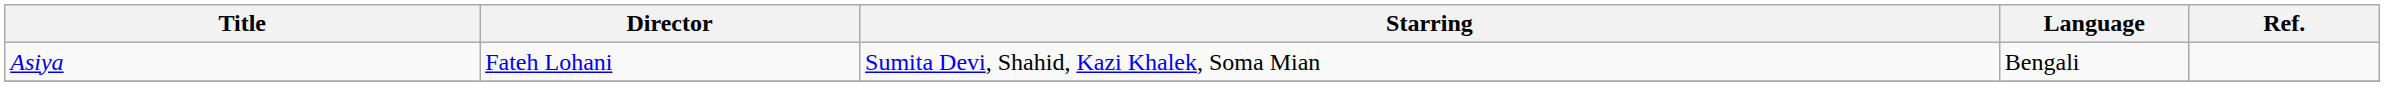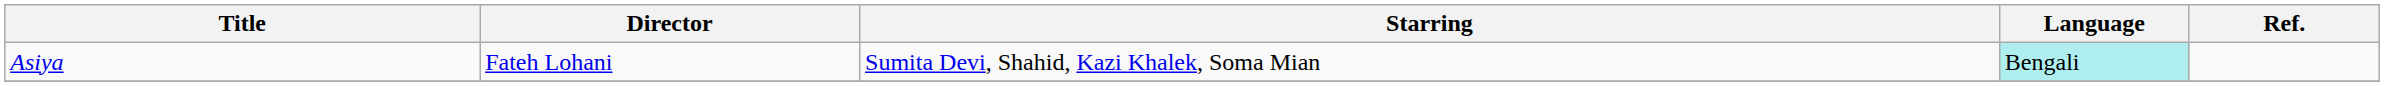 <table class="wikitable sortable" style="width:100%;">
 <tr>
 <th style="width:20%;">Title</th>
 <th style="width:16%;">Director</th>
 <th style="width:48%;">Starring </th>
 <th style="width:8%;">Language</th>
 <th style="width:8%;">Ref.</th>
 </tr>
 <tr>
 <td><em><a href='#'>Asiya</a></em></td>
 <td><a href='#'>Fateh Lohani</a></td>
 <td><a href='#'>Sumita Devi</a>, Shahid, <a href='#'>Kazi Khalek</a>, Soma Mian</td>
-<td>Bengali</td>
+<td style="background: paleturquoise;">Bengali</td>
 <td></td>
 </tr>
 <tr>
 </tr>
 </table>
